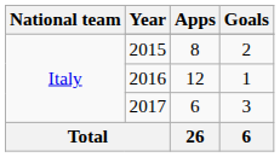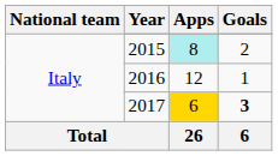 <table class=wikitable style="text-align: center;">
 <tr>
 <th>National team</th>
 <th>Year</th>
 <th>Apps</th>
 <th>Goals</th>
 </tr>
 <tr>
 <td rowspan="4"><a href='#'>Italy</a></td>
 </tr>
 <tr>
 <td>2015</td>
-<td>8</td>
+<td style="background: paleturquoise;">8</td>
 <td>2</td>
 </tr>
 <tr>
 <td>2016</td>
 <td>12</td>
 <td>1</td>
 </tr>
 <tr>
 <td>2017</td>
-<td>6</td>
-<td>3</td>
+<td style="background: gold;">6</td>
+<td><strong>3</strong></td>
 </tr>
 <tr>
 <th colspan="2">Total</th>
 <th>26</th>
 <th>6</th>
 </tr>
 </table>
